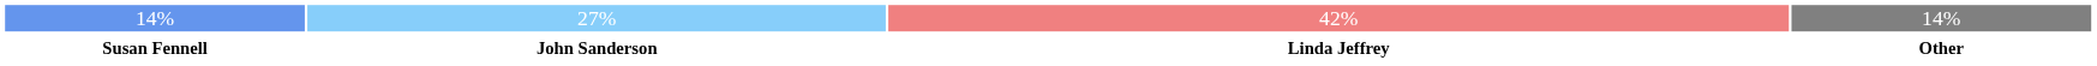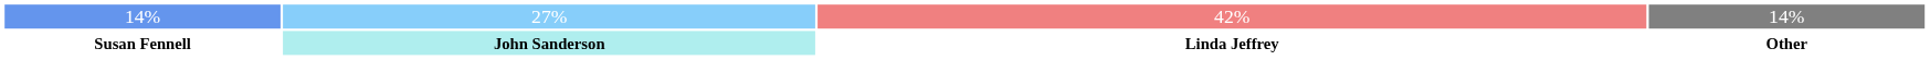 <table style="width:100%; text-align:center;">
 <tr style="color:white;">
 <td style="background:cornflowerblue; width:14%;">14%</td>
 <td style="background:lightskyblue; width:27%;">27%</td>
 <td style="background:lightcoral; width:42%;">42%</td>
 <td style="background:gray; width:14%;">14%</td>
 </tr>
 <tr>
 <td><span><small><strong>Susan Fennell</strong></small></span></td>
-<td><span><small><strong>John Sanderson</strong></small></span></td>
+<td style="background: paleturquoise;"><span><small><strong>John Sanderson</strong></small></span></td>
 <td><span><small><strong>Linda Jeffrey</strong></small></span></td>
 <td><span><small><strong>Other</strong></small></span></td>
 </tr>
 </table>
